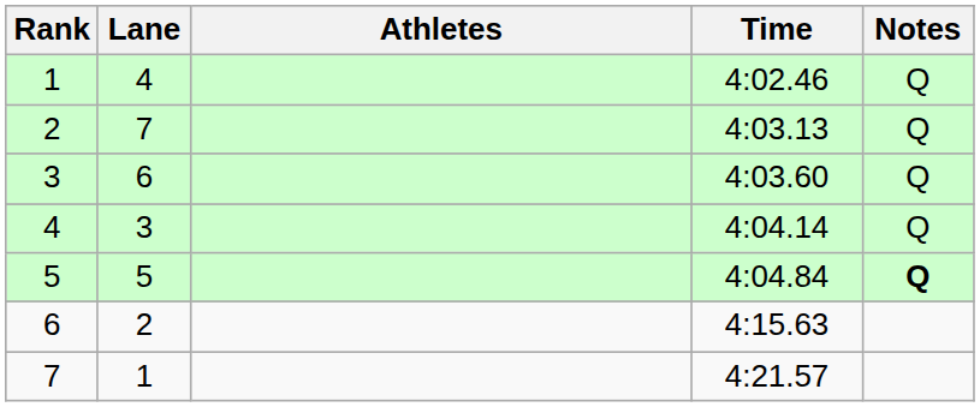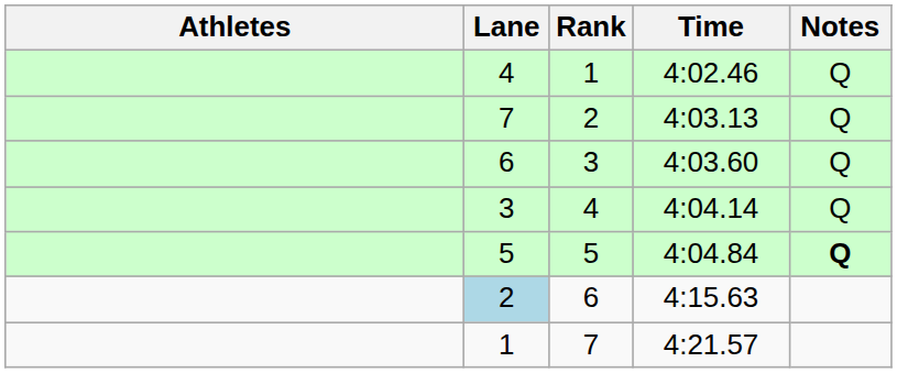 <table class="wikitable sortable" style="text-align:center;">
 <tr>
+<th width=250>Athletes</th>
+<th width=40>Lane</th>
 <th width=40>Rank</th>
-<th width=40>Lane</th>
-<th width=250>Athletes</th>
 <th width=80>Time</th>
 <th width=50>Notes</th>
 </tr>
 <tr bgcolor=ccffcc>
+<td align=left></td>
+<td>4</td>
 <td>1</td>
-<td>4</td>
-<td align=left></td>
 <td>4:02.46</td>
 <td>Q</td>
 </tr>
 <tr bgcolor=ccffcc>
+<td align=left></td>
+<td>7</td>
 <td>2</td>
-<td>7</td>
-<td align=left></td>
 <td>4:03.13</td>
 <td>Q</td>
 </tr>
 <tr bgcolor=ccffcc>
+<td align=left></td>
+<td>6</td>
 <td>3</td>
-<td>6</td>
-<td align=left></td>
 <td>4:03.60</td>
 <td>Q</td>
 </tr>
 <tr bgcolor=ccffcc>
+<td align=left></td>
+<td>3</td>
 <td>4</td>
-<td>3</td>
-<td align=left></td>
 <td>4:04.14</td>
 <td>Q</td>
 </tr>
 <tr bgcolor=ccffcc>
+<td align=left></td>
 <td>5</td>
 <td>5</td>
-<td align=left></td>
 <td>4:04.84</td>
 <td><strong>Q</strong></td>
 </tr>
 <tr>
+<td align=left></td>
+<td style="background: lightblue;">2</td>
 <td>6</td>
-<td>2</td>
-<td align=left></td>
 <td>4:15.63</td>
 <td></td>
 </tr>
 <tr>
+<td align=left></td>
+<td>1</td>
 <td>7</td>
-<td>1</td>
-<td align=left></td>
 <td>4:21.57</td>
 <td></td>
 </tr>
 </table>
